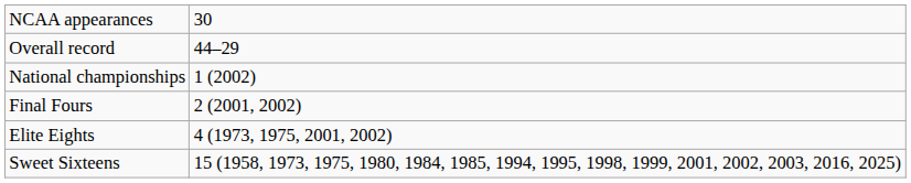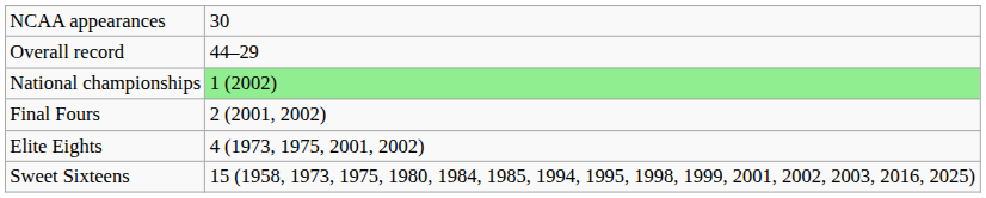 <table class="wikitable">
 <tr>
 <td>NCAA appearances</td>
 <td>30</td>
 </tr>
 <tr>
 <td>Overall record</td>
 <td>44–29</td>
 </tr>
 <tr>
 <td>National championships</td>
-<td>1 (2002)</td>
+<td style="background: lightgreen;">1 (2002)</td>
 </tr>
 <tr>
 <td>Final Fours</td>
 <td>2 (2001, 2002)</td>
 </tr>
 <tr>
 <td>Elite Eights</td>
 <td>4 (1973, 1975, 2001, 2002)</td>
 </tr>
 <tr>
 <td>Sweet Sixteens</td>
 <td>15 (1958, 1973, 1975, 1980, 1984, 1985, 1994, 1995, 1998, 1999, 2001, 2002, 2003, 2016, 2025)</td>
 </tr>
 </table>
